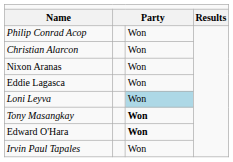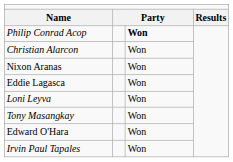 <table class=wikitable style="font-size:90%">
 <tr>
 <td colspan=4 bgcolor=></td>
 </tr>
 <tr>
 <th width=150px>Name</th>
 <th colspan=2 width=110px>Party</th>
 <th>Results</th>
 </tr>
 <tr>
 <td><em>Philip Conrad Acop</em></td>
 <td></td>
-<td>Won</td>
+<td><strong>Won</strong></td>
 </tr>
 <tr>
 <td><em>Christian Alarcon</em></td>
 <td></td>
 <td>Won</td>
 </tr>
 <tr>
 <td>Nixon Aranas</td>
 <td></td>
 <td>Won</td>
 </tr>
 <tr>
 <td>Eddie Lagasca</td>
 <td></td>
 <td>Won</td>
 </tr>
 <tr>
 <td><em>Loni Leyva</em></td>
 <td></td>
-<td style="background: lightblue;">Won</td>
+<td>Won</td>
 </tr>
 <tr>
 <td><em>Tony Masangkay</em></td>
 <td></td>
-<td><strong>Won</strong></td>
+<td>Won</td>
 </tr>
 <tr>
 <td>Edward O'Hara</td>
 <td></td>
-<td><strong>Won</strong></td>
+<td>Won</td>
 </tr>
 <tr>
 <td><em>Irvin Paul Tapales</em></td>
 <td></td>
 <td>Won</td>
 </tr>
 </table>
